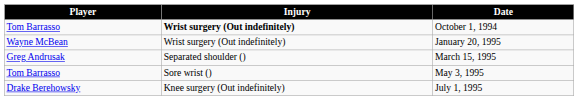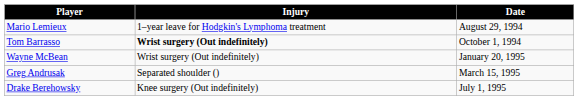 <table class="wikitable" width=60%;>
 <tr>
 <th style="color:white; background:#000000; ">Player</th>
 <th style="color:white; background:#000000; ">Injury</th>
 <th style="color:white; background:#000000; ">Date</th>
+</tr>
+<tr>
+<td><a href='#'>Mario Lemieux</a></td>
+<td>1–year leave for <a href='#'>Hodgkin's Lymphoma</a> treatment</td>
+<td>August 29, 1994</td>
 </tr>
 <tr>
 <td><a href='#'>Tom Barrasso</a></td>
 <td><strong>Wrist surgery (Out indefinitely)</strong></td>
 <td>October 1, 1994</td>
 </tr>
 <tr>
 <td><a href='#'>Wayne McBean</a></td>
 <td>Wrist surgery (Out indefinitely)</td>
 <td>January 20, 1995</td>
 </tr>
 <tr>
 <td><a href='#'>Greg Andrusak</a></td>
 <td>Separated shoulder ()</td>
 <td>March 15, 1995</td>
 </tr>
 <tr>
-<td><a href='#'>Tom Barrasso</a></td>
-<td>Sore wrist ()</td>
-<td>May 3, 1995</td>
-</tr>
-<tr>
 <td><a href='#'>Drake Berehowsky</a></td>
 <td>Knee surgery (Out indefinitely)</td>
 <td>July 1, 1995</td>
 </tr>
 </table>
